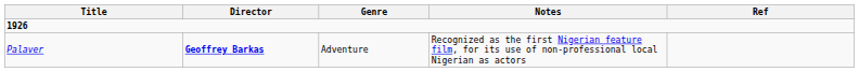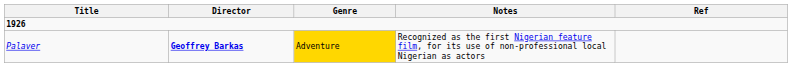 <table class="wikitable" width="100%">
 <tr>
 <th width="21%">Title</th>
 <th width="16%">Director</th>
 <th width="13%">Genre</th>
 <th width="28%">Notes</th>
 <th>Ref</th>
 </tr>
 <tr>
 <td colspan="7" ><strong>1926</strong></td>
 </tr>
 <tr>
 <td><em><a href='#'>Palaver</a></em></td>
 <td><strong><a href='#'>Geoffrey Barkas</a></strong></td>
-<td>Adventure</td>
+<td style="background: gold;">Adventure</td>
 <td>Recognized as the first <a href='#'>Nigerian feature film</a>, for its use of non-professional local Nigerian as actors</td>
 <td></td>
 </tr>
 </table>
